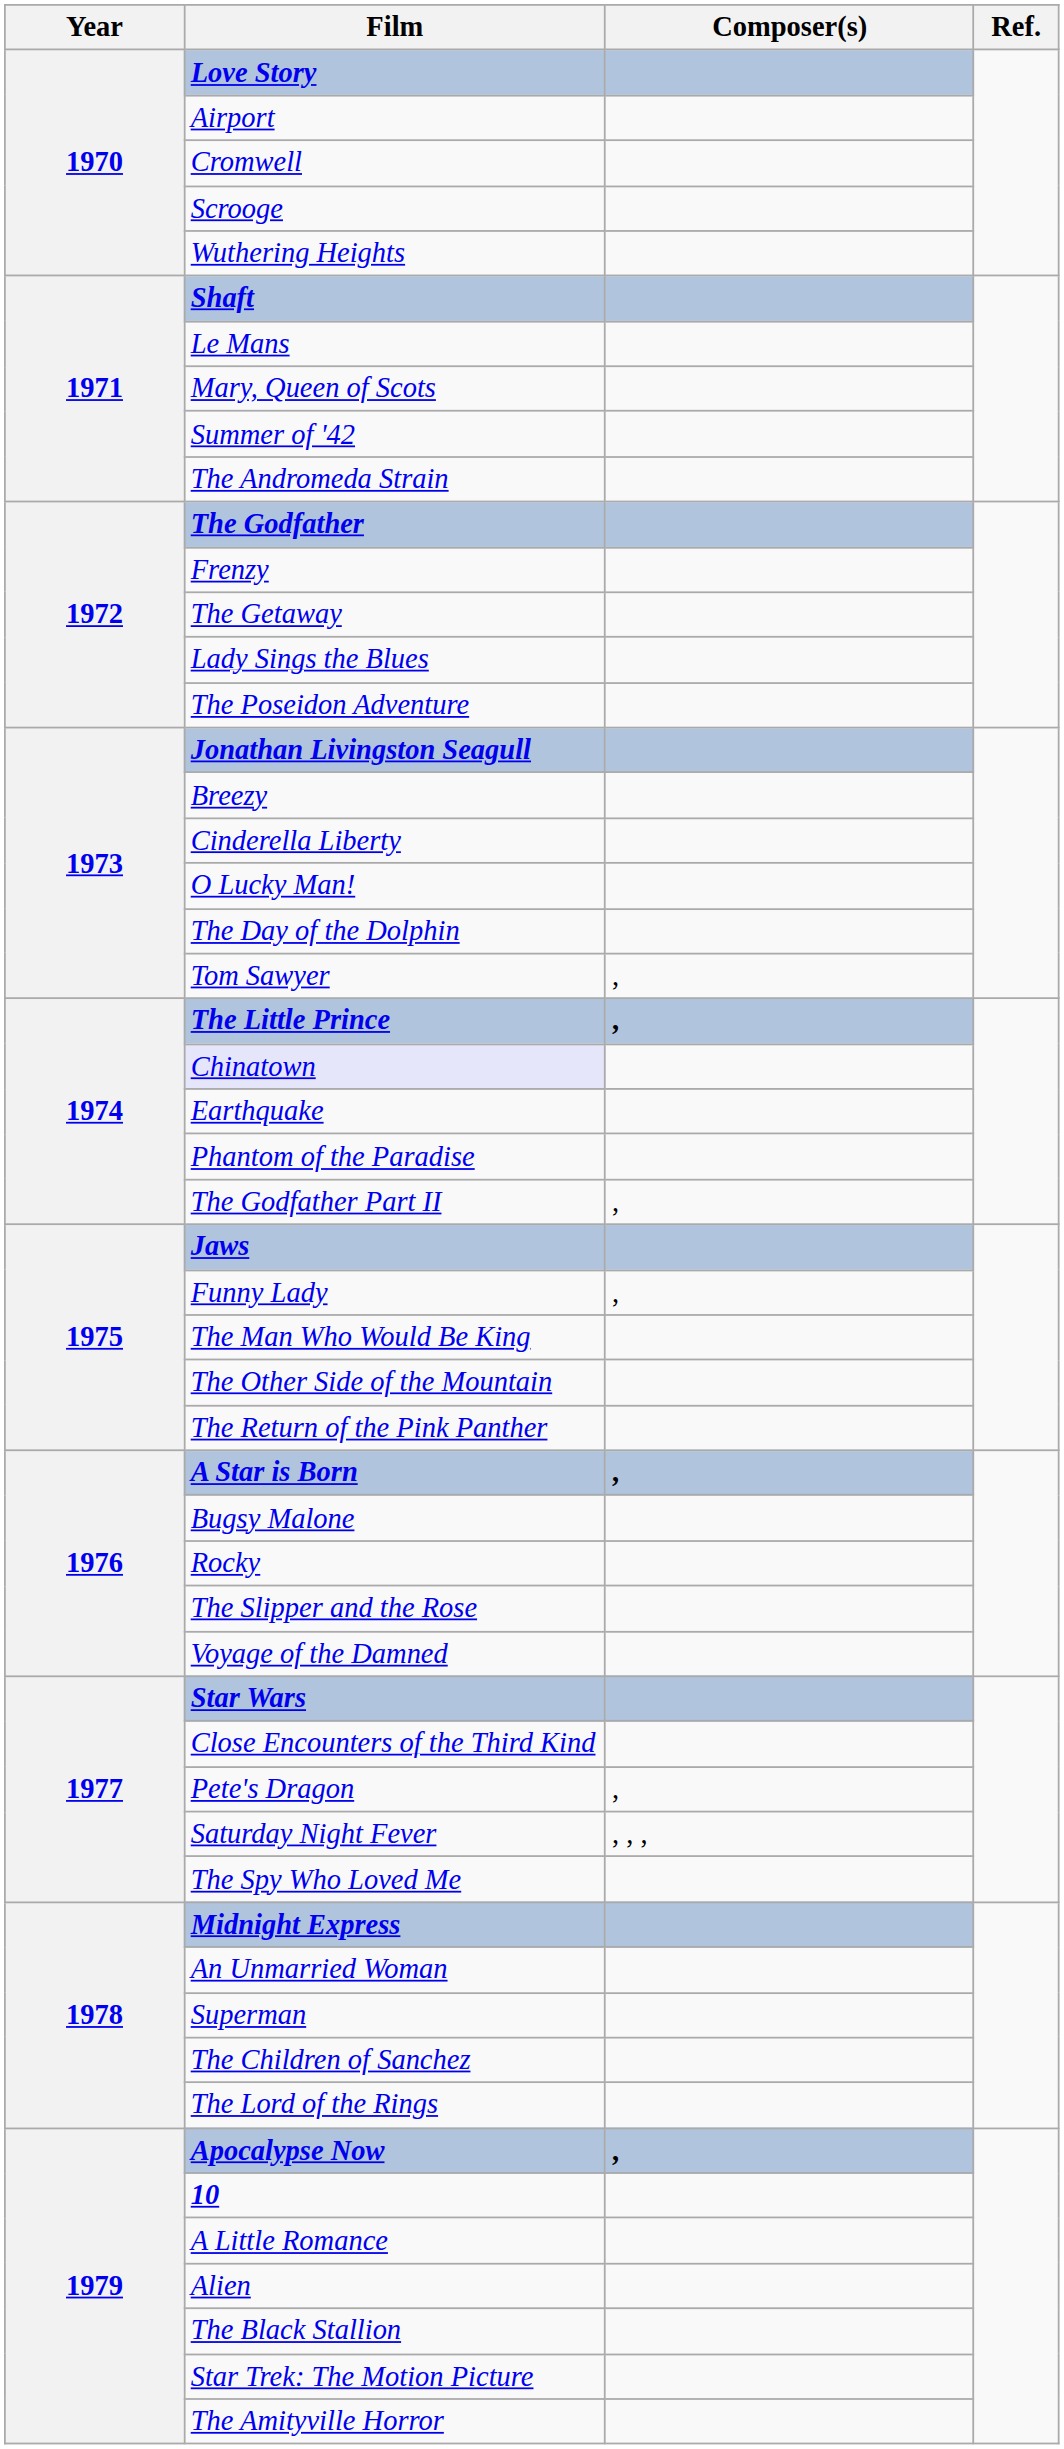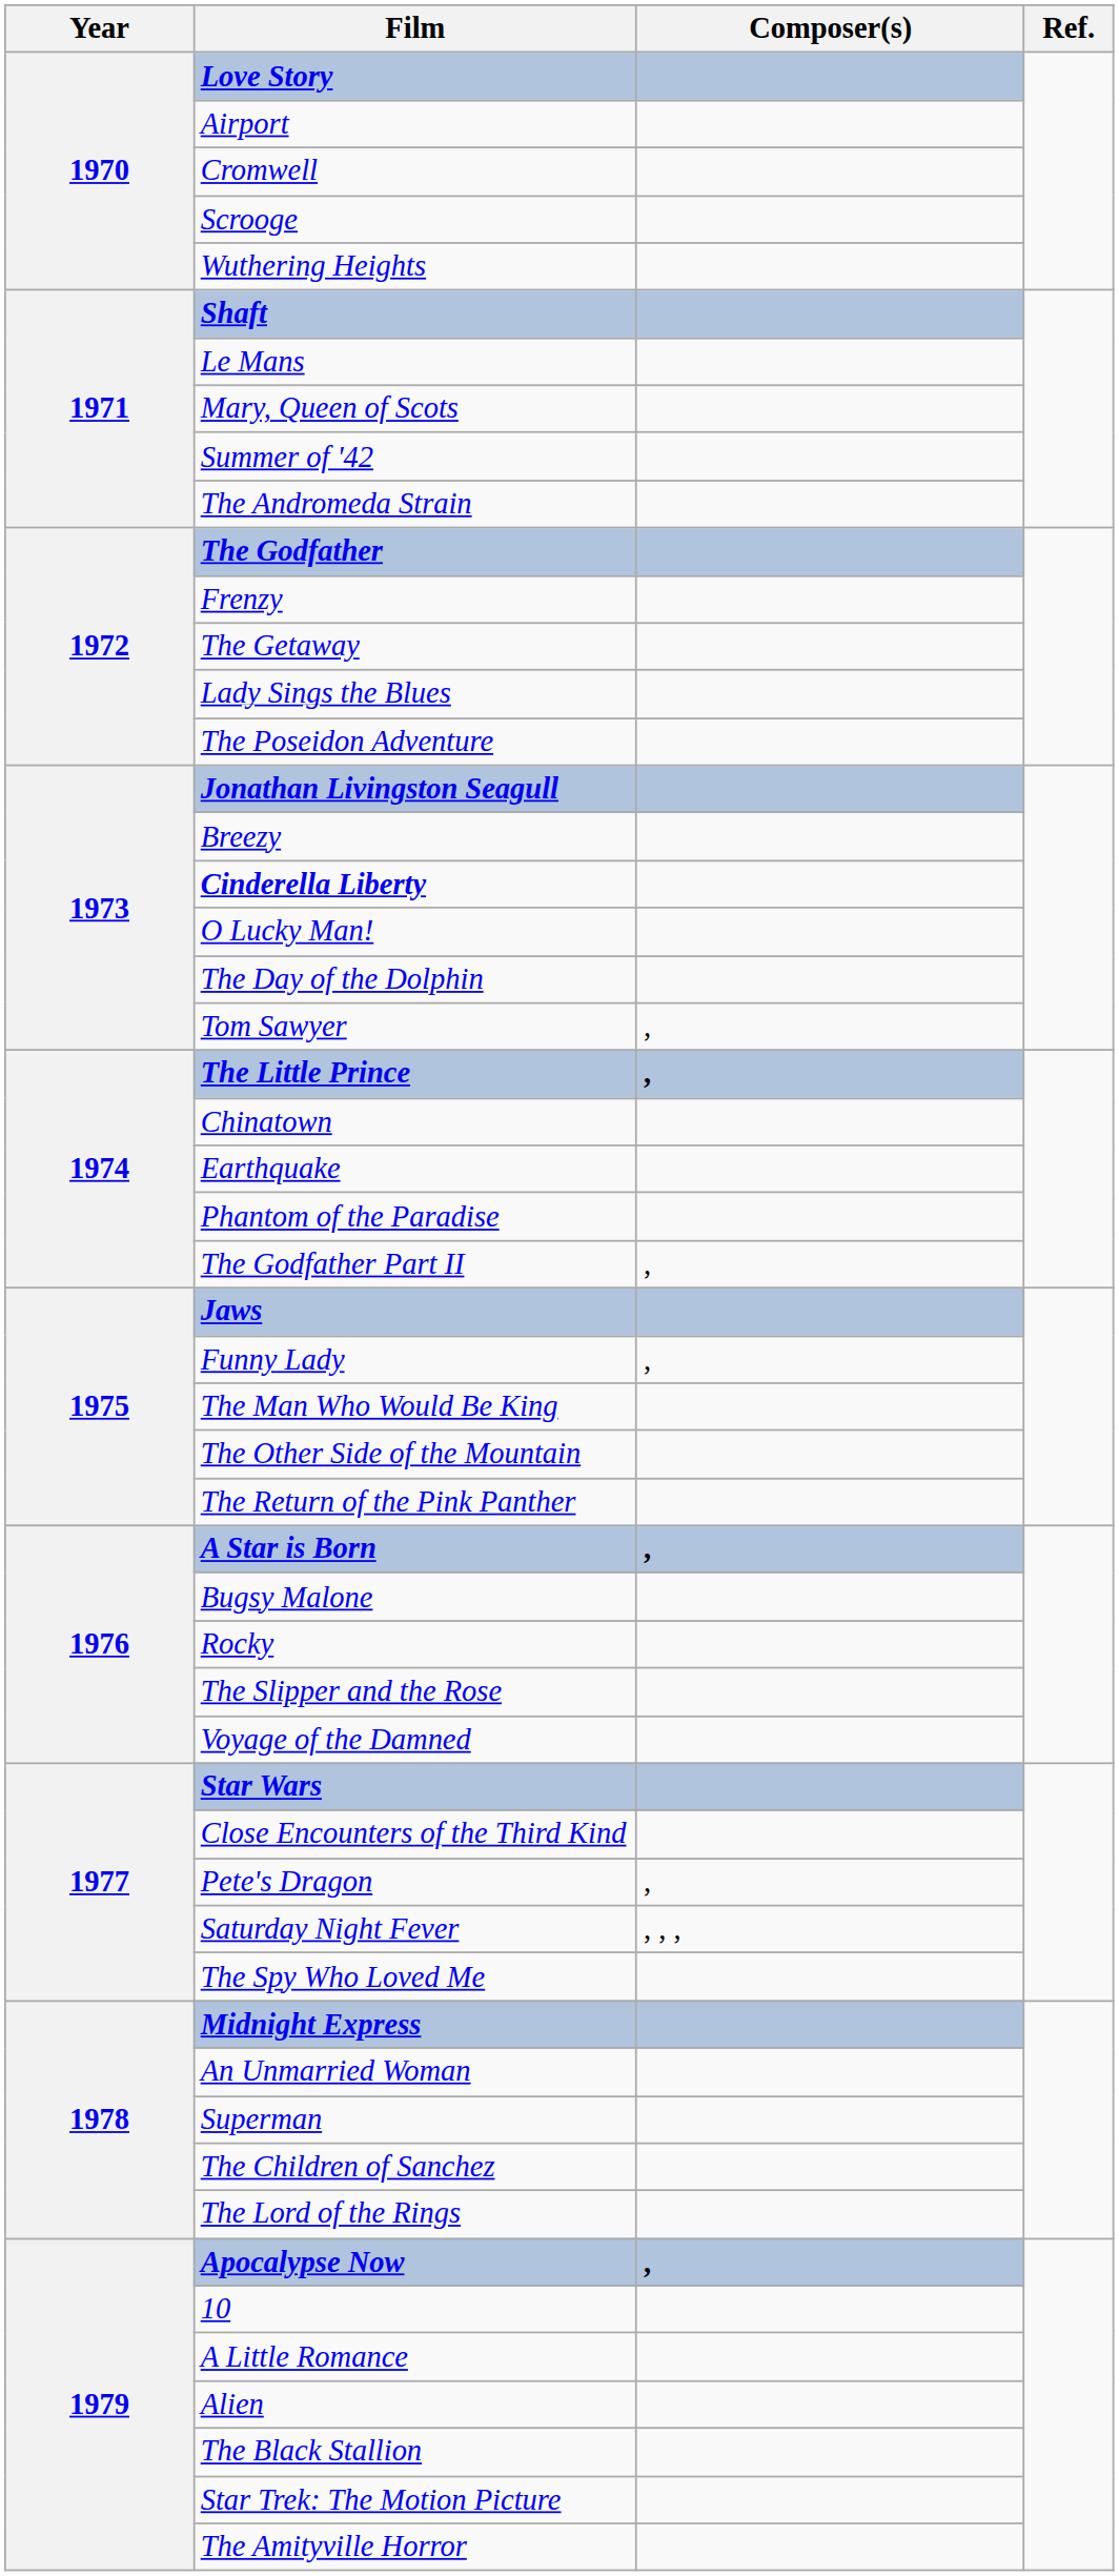 <table class="wikitable sortable unsortable" style="width:95%;" cellpadding="6">
 <tr>
 <th scope="col" style="width:70pt">Year</th>
 <th scope="col" style="width:40%">Film</th>
 <th scope="col">Composer(s)</th>
 <th scope="col" class="unsortable" style="width:30pt">Ref.</th>
 </tr>
 <tr>
 <th rowspan="5" style="text-align:center;"><a href='#'>1970</a></th>
 <td style="background:#B0C4DE;"><strong><em><a href='#'>Love Story</a></em></strong></td>
 <td style="background:#B0C4DE;"><strong></strong></td>
 <td rowspan="5"></td>
 </tr>
 <tr>
 <td><em><a href='#'>Airport</a></em></td>
 <td></td>
 </tr>
 <tr>
 <td><em><a href='#'>Cromwell</a></em></td>
 <td></td>
 </tr>
 <tr>
 <td><em><a href='#'>Scrooge</a></em></td>
 <td></td>
 </tr>
 <tr>
 <td><em><a href='#'>Wuthering Heights</a></em></td>
 <td></td>
 </tr>
 <tr>
 <th rowspan="5" style="text-align:center;"><a href='#'>1971</a></th>
 <td style="background:#B0C4DE;"><strong><em><a href='#'>Shaft</a></em></strong></td>
 <td style="background:#B0C4DE;"><strong></strong></td>
 <td rowspan="5"></td>
 </tr>
 <tr>
 <td><em><a href='#'>Le Mans</a></em></td>
 <td></td>
 </tr>
 <tr>
 <td><em><a href='#'>Mary, Queen of Scots</a></em></td>
 <td></td>
 </tr>
 <tr>
 <td><em><a href='#'>Summer of '42</a></em></td>
 <td></td>
 </tr>
 <tr>
 <td><em><a href='#'>The Andromeda Strain</a></em></td>
 <td></td>
 </tr>
 <tr>
 <th rowspan="5" style="text-align:center;"><a href='#'>1972</a></th>
 <td style="background:#B0C4DE;"><strong><em><a href='#'>The Godfather</a></em></strong></td>
 <td style="background:#B0C4DE;"><strong></strong></td>
 <td rowspan="5"></td>
 </tr>
 <tr>
 <td><em><a href='#'>Frenzy</a></em></td>
 <td></td>
 </tr>
 <tr>
 <td><em><a href='#'>The Getaway</a></em></td>
 <td></td>
 </tr>
 <tr>
 <td><em><a href='#'>Lady Sings the Blues</a></em></td>
 <td></td>
 </tr>
 <tr>
 <td><em><a href='#'>The Poseidon Adventure</a></em></td>
 <td></td>
 </tr>
 <tr>
 <th rowspan="6" style="text-align:center;"><a href='#'>1973</a></th>
 <td style="background:#B0C4DE;"><strong><em><a href='#'>Jonathan Livingston Seagull</a></em></strong></td>
 <td style="background:#B0C4DE;"><strong></strong></td>
 <td rowspan="6"></td>
 </tr>
 <tr>
 <td><em><a href='#'>Breezy</a></em></td>
 <td></td>
 </tr>
 <tr>
-<td><em><a href='#'>Cinderella Liberty</a></em></td>
+<td><strong><em><a href='#'>Cinderella Liberty</a></em></strong></td>
 <td></td>
 </tr>
 <tr>
 <td><em><a href='#'>O Lucky Man!</a></em></td>
 <td></td>
 </tr>
 <tr>
 <td><em><a href='#'>The Day of the Dolphin</a></em></td>
 <td></td>
 </tr>
 <tr>
 <td><em><a href='#'>Tom Sawyer</a></em></td>
 <td>, </td>
 </tr>
 <tr>
 <th rowspan="5" style="text-align:center;"><a href='#'>1974</a></th>
 <td style="background:#B0C4DE;"><strong><em><a href='#'>The Little Prince</a></em></strong></td>
 <td style="background:#B0C4DE;"><strong>, </strong></td>
 <td rowspan="5"></td>
 </tr>
 <tr>
-<td style="background: lavender;"><em><a href='#'>Chinatown</a></em></td>
+<td><em><a href='#'>Chinatown</a></em></td>
 <td></td>
 </tr>
 <tr>
 <td><em><a href='#'>Earthquake</a></em></td>
 <td></td>
 </tr>
 <tr>
 <td><em><a href='#'>Phantom of the Paradise</a></em></td>
 <td></td>
 </tr>
 <tr>
 <td><em><a href='#'>The Godfather Part II</a></em></td>
 <td>, </td>
 </tr>
 <tr>
 <th rowspan="5" style="text-align:center;"><a href='#'>1975</a></th>
 <td style="background:#B0C4DE;"><strong><em><a href='#'>Jaws</a></em></strong></td>
 <td style="background:#B0C4DE;"><strong></strong></td>
 <td rowspan="5"></td>
 </tr>
 <tr>
 <td><em><a href='#'>Funny Lady</a></em></td>
 <td>, </td>
 </tr>
 <tr>
 <td><em><a href='#'>The Man Who Would Be King</a></em></td>
 <td></td>
 </tr>
 <tr>
 <td><em><a href='#'>The Other Side of the Mountain</a></em></td>
 <td></td>
 </tr>
 <tr>
 <td><em><a href='#'>The Return of the Pink Panther</a></em></td>
 <td></td>
 </tr>
 <tr>
 <th rowspan="5" style="text-align:center;"><a href='#'>1976</a></th>
 <td style="background:#B0C4DE;"><strong><em><a href='#'>A Star is Born</a></em></strong></td>
 <td style="background:#B0C4DE;"><strong>, </strong></td>
 <td rowspan="5"></td>
 </tr>
 <tr>
 <td><em><a href='#'>Bugsy Malone</a></em></td>
 <td></td>
 </tr>
 <tr>
 <td><em><a href='#'>Rocky</a></em></td>
 <td></td>
 </tr>
 <tr>
 <td><em><a href='#'>The Slipper and the Rose</a></em></td>
 <td></td>
 </tr>
 <tr>
 <td><em><a href='#'>Voyage of the Damned</a></em></td>
 <td></td>
 </tr>
 <tr>
 <th rowspan="5" style="text-align:center;"><a href='#'>1977</a></th>
 <td style="background:#B0C4DE;"><strong><em><a href='#'>Star Wars</a></em></strong></td>
 <td style="background:#B0C4DE;"><strong></strong></td>
 <td rowspan="5"></td>
 </tr>
 <tr>
 <td><em><a href='#'>Close Encounters of the Third Kind</a></em></td>
 <td></td>
 </tr>
 <tr>
 <td><em><a href='#'>Pete's Dragon</a></em></td>
 <td>, </td>
 </tr>
 <tr>
 <td><em><a href='#'>Saturday Night Fever</a></em></td>
 <td>, , , </td>
 </tr>
 <tr>
 <td><em><a href='#'>The Spy Who Loved Me</a></em></td>
 <td></td>
 </tr>
 <tr>
 <th rowspan="5" style="text-align:center;"><a href='#'>1978</a></th>
 <td style="background:#B0C4DE;"><strong><em><a href='#'>Midnight Express</a></em></strong></td>
 <td style="background:#B0C4DE;"><strong></strong></td>
 <td rowspan="5"></td>
 </tr>
 <tr>
 <td><em><a href='#'>An Unmarried Woman</a></em></td>
 <td></td>
 </tr>
 <tr>
 <td><em><a href='#'>Superman</a></em></td>
 <td></td>
 </tr>
 <tr>
 <td><em><a href='#'>The Children of Sanchez</a></em></td>
 <td></td>
 </tr>
 <tr>
 <td><em><a href='#'>The Lord of the Rings</a></em></td>
 <td></td>
 </tr>
 <tr>
 <th rowspan="7" style="text-align:center;"><a href='#'>1979</a></th>
 <td style="background:#B0C4DE;"><strong><em><a href='#'>Apocalypse Now</a></em></strong></td>
 <td style="background:#B0C4DE;"><strong>, </strong></td>
 <td rowspan="7"></td>
 </tr>
 <tr>
-<td><strong><em><a href='#'>10</a></em></strong></td>
+<td><em><a href='#'>10</a></em></td>
 <td></td>
 </tr>
 <tr>
 <td><em><a href='#'>A Little Romance</a></em></td>
 <td></td>
 </tr>
 <tr>
 <td><em><a href='#'>Alien</a></em></td>
 <td></td>
 </tr>
 <tr>
 <td><em><a href='#'>The Black Stallion</a></em></td>
 <td></td>
 </tr>
 <tr>
 <td><em><a href='#'>Star Trek: The Motion Picture</a></em></td>
 <td></td>
 </tr>
 <tr>
 <td><em><a href='#'>The Amityville Horror</a></em></td>
 <td></td>
 </tr>
 </table>
